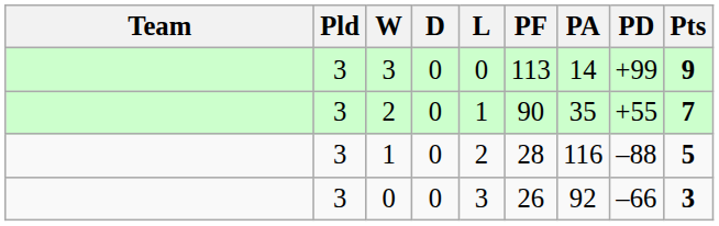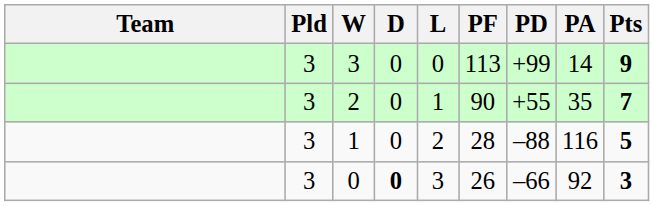 <table class="wikitable" style="text-align:center;">
 <tr>
 <th width=175>Team</th>
 <th width=20 abbr="Played">Pld</th>
 <th width=20 abbr="Won">W</th>
 <th width=20 abbr="Drawn">D</th>
 <th width=20 abbr="Lost">L</th>
 <th width=20 abbr="Points for">PF</th>
+<th width=25 abbr="Points difference">PD</th>
 <th width=20 abbr="Points against">PA</th>
-<th width=25 abbr="Points difference">PD</th>
 <th width=20 abbr="Points">Pts</th>
 </tr>
 <tr style="background:#ccffcc">
 <td align=left></td>
 <td>3</td>
 <td>3</td>
 <td>0</td>
 <td>0</td>
 <td>113</td>
+<td>+99</td>
 <td>14</td>
-<td>+99</td>
 <td><strong>9</strong></td>
 </tr>
 <tr style="background:#ccffcc">
 <td align=left></td>
 <td>3</td>
 <td>2</td>
 <td>0</td>
 <td>1</td>
 <td>90</td>
+<td>+55</td>
 <td>35</td>
-<td>+55</td>
 <td><strong>7</strong></td>
 </tr>
 <tr>
 <td align=left></td>
 <td>3</td>
 <td>1</td>
 <td>0</td>
 <td>2</td>
 <td>28</td>
+<td>–88</td>
 <td>116</td>
-<td>–88</td>
 <td><strong>5</strong></td>
 </tr>
 <tr>
 <td align=left></td>
 <td>3</td>
 <td>0</td>
-<td>0</td>
+<td><strong>0</strong></td>
 <td>3</td>
 <td>26</td>
+<td>–66</td>
 <td>92</td>
-<td>–66</td>
 <td><strong>3</strong></td>
 </tr>
 </table>
